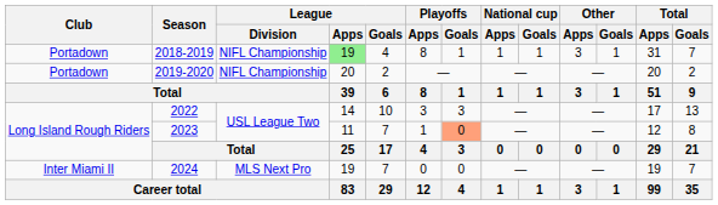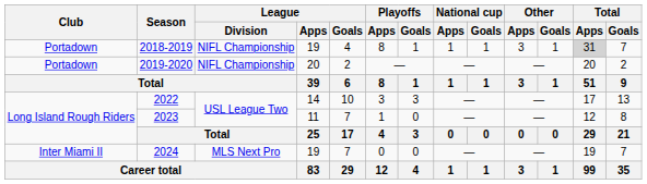 <table class="wikitable" style="text-align:center">
 <tr>
 <th rowspan="2">Club</th>
 <th rowspan="2">Season</th>
 <th colspan="3">League</th>
 <th colspan="2">Playoffs</th>
 <th colspan="2">National cup</th>
 <th colspan="2">Other</th>
 <th colspan="2">Total</th>
 </tr>
 <tr>
 <th>Division</th>
 <th>Apps</th>
 <th>Goals</th>
 <th>Apps</th>
 <th>Goals</th>
 <th>Apps</th>
 <th>Goals</th>
 <th>Apps</th>
 <th>Goals</th>
 <th>Apps</th>
 <th>Goals</th>
 </tr>
 <tr>
 <td><a href='#'>Portadown</a></td>
 <td><a href='#'>2018-2019</a></td>
 <td><a href='#'>NIFL Championship</a></td>
-<td style="background: lightgreen;">19</td>
+<td>19</td>
 <td>4</td>
 <td>8</td>
 <td>1</td>
 <td>1</td>
 <td>1</td>
 <td>3</td>
 <td>1</td>
-<td>31</td>
+<td style="background: lightgrey;">31</td>
 <td>7</td>
 </tr>
 <tr>
 <td><a href='#'>Portadown</a></td>
 <td><a href='#'>2019-2020</a></td>
 <td><a href='#'>NIFL Championship</a></td>
 <td>20</td>
 <td>2</td>
 <td colspan="2">—</td>
 <td colspan="2">—</td>
 <td colspan="2">—</td>
 <td>20</td>
 <td>2</td>
 </tr>
 <tr>
 <th colspan="3">Total</th>
 <th>39</th>
 <th>6</th>
 <th>8</th>
 <th>1</th>
 <th>1</th>
 <th>1</th>
 <th>3</th>
 <th>1</th>
 <th>51</th>
 <th>9</th>
 </tr>
 <tr>
 <td rowspan=3><a href='#'>Long Island Rough Riders</a></td>
 <td><a href='#'>2022</a></td>
 <td rowspan=2><a href='#'>USL League Two</a></td>
 <td>14</td>
 <td>10</td>
 <td>3</td>
 <td>3</td>
 <td colspan="2">—</td>
 <td colspan="2">—</td>
 <td>17</td>
 <td>13</td>
 </tr>
 <tr>
 <td><a href='#'>2023</a></td>
 <td>11</td>
 <td>7</td>
 <td>1</td>
-<td style="background: lightsalmon;">0</td>
+<td>0</td>
 <td colspan="2">—</td>
 <td colspan="2">—</td>
 <td>12</td>
 <td>8</td>
 </tr>
 <tr>
 <th colspan="2">Total</th>
 <th>25</th>
 <th>17</th>
 <th>4</th>
 <th>3</th>
 <th>0</th>
 <th>0</th>
 <th>0</th>
 <th>0</th>
 <th>29</th>
 <th>21</th>
 </tr>
 <tr>
 <td><a href='#'>Inter Miami II</a></td>
 <td><a href='#'>2024</a></td>
 <td><a href='#'>MLS Next Pro</a></td>
 <td>19</td>
 <td>7</td>
 <td>0</td>
 <td>0</td>
 <td colspan="2">—</td>
 <td colspan="2">—</td>
 <td>19</td>
 <td>7</td>
 </tr>
 <tr>
 <th colspan="3">Career total</th>
 <th>83</th>
 <th>29</th>
 <th>12</th>
 <th>4</th>
 <th>1</th>
 <th>1</th>
 <th>3</th>
 <th>1</th>
 <th>99</th>
 <th>35</th>
 </tr>
 </table>
